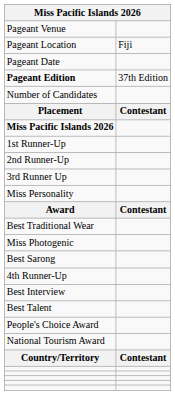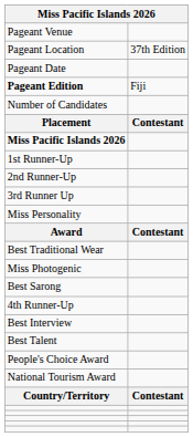 <table class="wikitable sortable" style="font-size: 80%;">
 <tr>
 <th colspan="2"><strong>Miss Pacific Islands 2026</strong></th>
 </tr>
 <tr>
 <td>Pageant Venue</td>
 <td></td>
 </tr>
 <tr>
 <td>Pageant Location</td>
-<td>Fiji</td>
+<td>37th Edition</td>
 </tr>
 <tr>
 <td>Pageant Date</td>
 <td></td>
 </tr>
 <tr>
 <td><strong>Pageant Edition</strong></td>
-<td>37th Edition</td>
+<td>Fiji</td>
 </tr>
 <tr>
 <td>Number of Candidates</td>
 <td></td>
 </tr>
 <tr>
 <th>Placement</th>
 <th>Contestant</th>
 </tr>
 <tr>
 <td><strong>Miss Pacific Islands 2026</strong></td>
 <td></td>
 </tr>
 <tr>
 <td>1st Runner-Up</td>
 <td></td>
 </tr>
 <tr>
 <td>2nd Runner-Up</td>
 <td></td>
 </tr>
 <tr>
 <td>3rd Runner Up</td>
 <td></td>
 </tr>
 <tr>
 <td>Miss Personality</td>
 <td></td>
 </tr>
 <tr>
 <th>Award</th>
 <th>Contestant</th>
 </tr>
 <tr>
 <td>Best Traditional Wear</td>
 <td></td>
 </tr>
 <tr>
 <td>Miss Photogenic</td>
 <td></td>
 </tr>
 <tr>
 <td>Best Sarong</td>
 <td></td>
 </tr>
 <tr>
 <td>4th Runner-Up</td>
 <td></td>
 </tr>
 <tr>
 <td>Best Interview</td>
 <td></td>
 </tr>
 <tr>
 <td>Best Talent</td>
 <td></td>
 </tr>
 <tr>
 <td>People's Choice Award</td>
 <td></td>
 </tr>
 <tr>
 <td>National Tourism Award</td>
 <td></td>
 </tr>
 <tr>
 <th><strong>Country/Territory</strong></th>
 <th>Contestant</th>
 </tr>
 <tr>
 <td></td>
 <td></td>
 </tr>
 <tr>
 <td></td>
 <td></td>
 </tr>
 <tr>
 <td></td>
 <td></td>
 </tr>
 <tr>
 <td></td>
 <td></td>
 </tr>
 <tr>
 <td></td>
 <td></td>
 </tr>
 </table>
